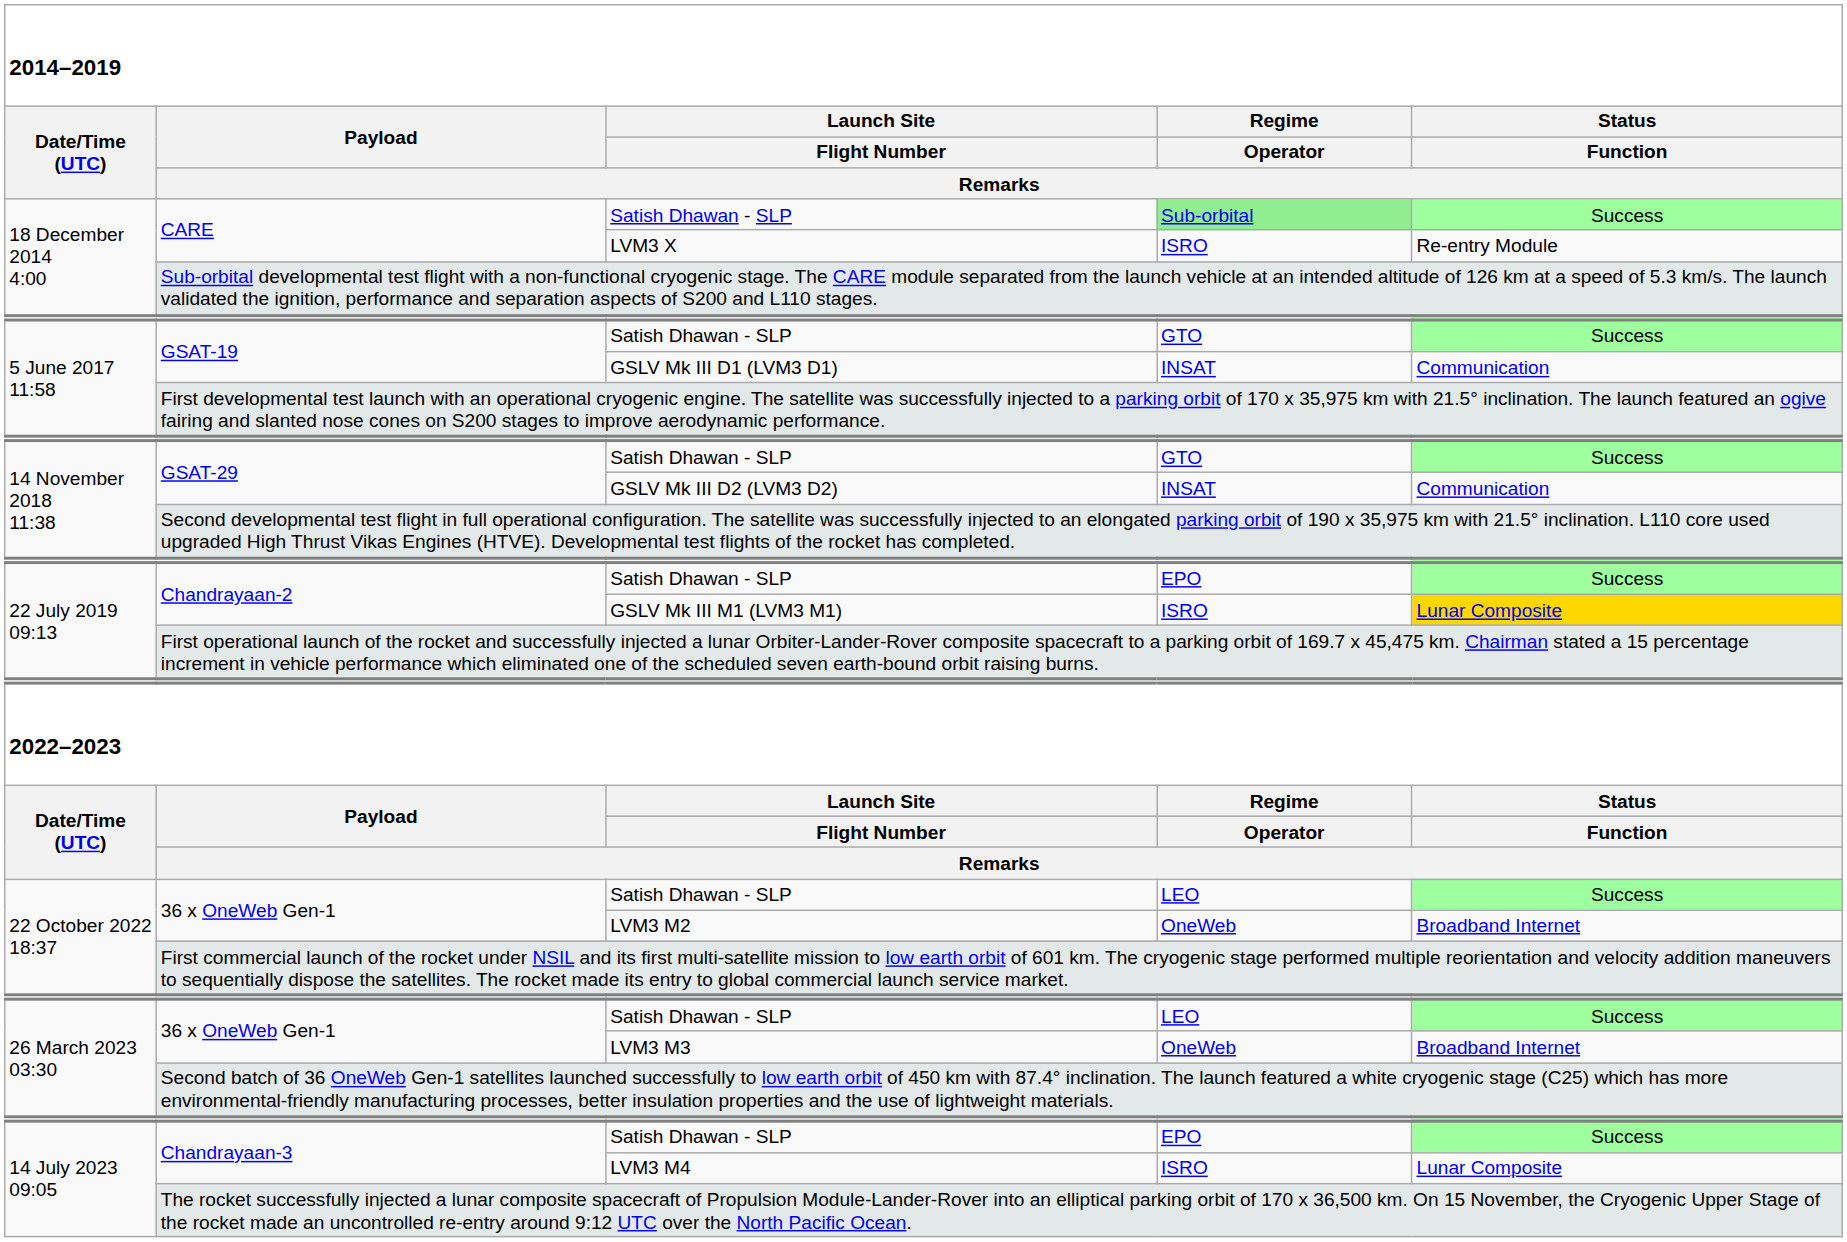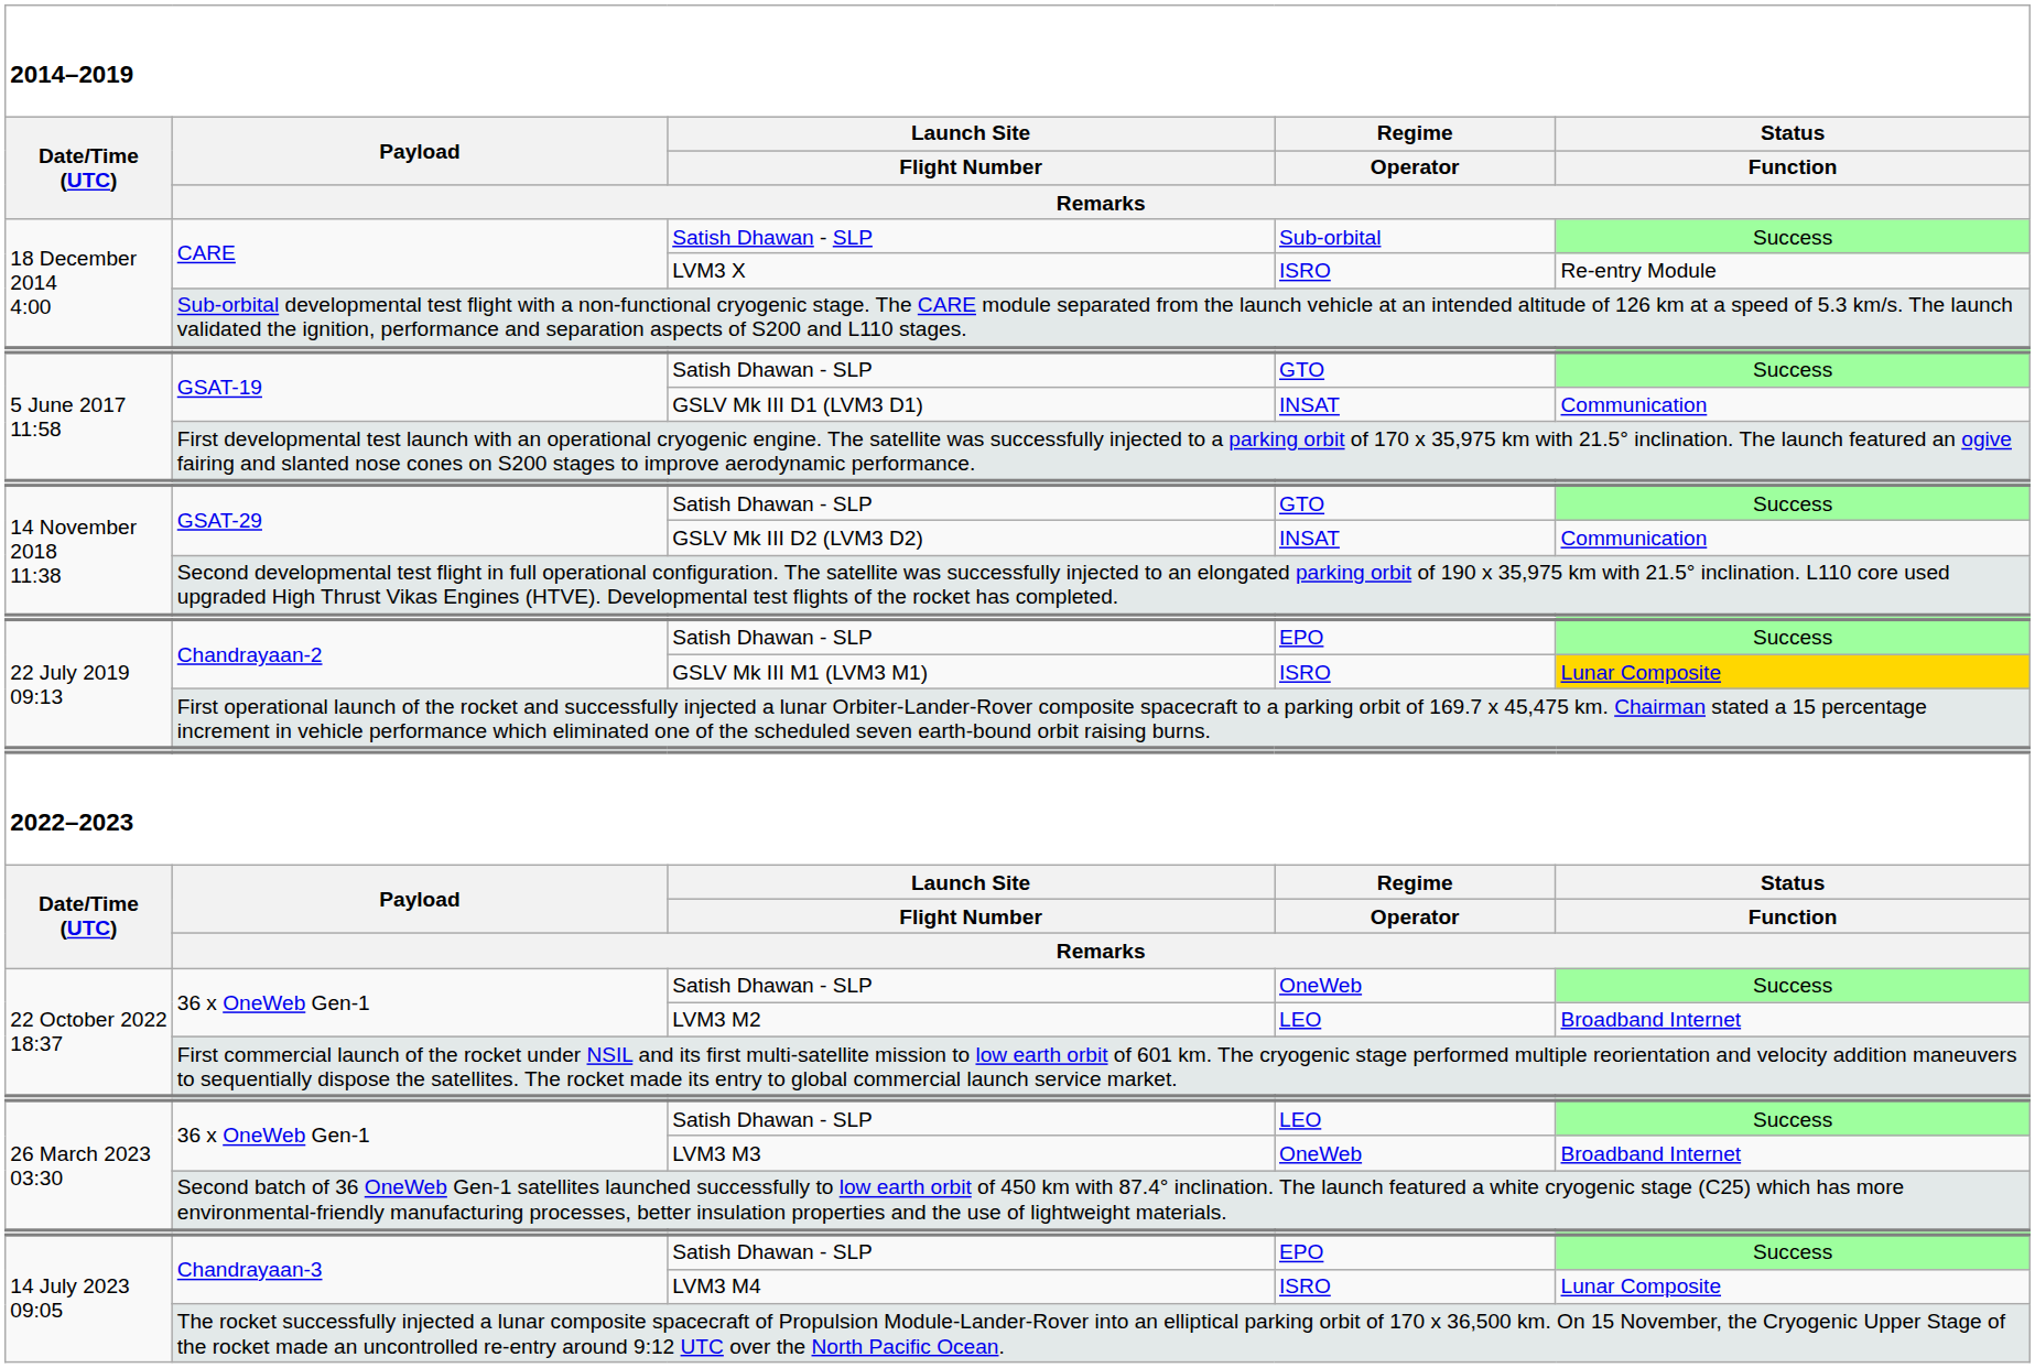 <table class="wikitable" style="font-size:small;">
 <tr>
 <td colspan=5 style="background:white;"><br><h3>2014–2019</h3></td>
 </tr>
 <tr>
 <th rowspan="3">Date/Time<br>(<a href='#'>UTC</a>)<br></th>
 <th rowspan="2">Payload</th>
 <th>Launch Site</th>
 <th>Regime</th>
 <th>Status</th>
 </tr>
 <tr>
 <th>Flight Number</th>
 <th>Operator</th>
 <th>Function</th>
 </tr>
 <tr>
 <th colspan="4">Remarks</th>
 </tr>
 <tr>
 <td rowspan="3">18 December 2014<br>4:00</td>
 <td rowspan="2"> <a href='#'>CARE</a><br></td>
 <td><a href='#'>Satish Dhawan</a> - <a href='#'>SLP</a></td>
-<td style="background: lightgreen;"><a href='#'>Sub-orbital</a></td>
+<td><a href='#'>Sub-orbital</a></td>
 <td style="background: #9EFF9E; vertical-align: middle; text-align: center; " class="table-success">Success</td>
 </tr>
 <tr>
 <td>LVM3 X</td>
 <td><a href='#'>ISRO</a></td>
 <td>Re-entry Module</td>
 </tr>
 <tr style="border-bottom: double 5px grey">
 <td colspan="4" style="background-color:#e3e9e9;"><a href='#'>Sub-orbital</a> developmental test flight with a non-functional cryogenic stage. The <a href='#'>CARE</a> module separated from the launch vehicle at an intended altitude of 126 km at a speed of 5.3 km/s. The launch validated the ignition, performance and separation aspects of S200 and L110 stages.</td>
 </tr>
 <tr>
 <td rowspan="3">5 June 2017<br>11:58</td>
 <td rowspan="2"> <a href='#'>GSAT-19</a><br></td>
 <td>Satish Dhawan - SLP</td>
 <td><a href='#'>GTO</a></td>
 <td style="background: #9EFF9E; vertical-align: middle; text-align: center; " class="table-success">Success</td>
 </tr>
 <tr>
 <td>GSLV Mk III D1 (LVM3 D1)</td>
 <td><a href='#'>INSAT</a></td>
 <td><a href='#'>Communication</a></td>
 </tr>
 <tr style="border-bottom: double 5px grey">
 <td colspan="4" style="background-color:#e3e9e9;">First developmental test launch with an operational cryogenic engine. The satellite was successfully injected to a <a href='#'>parking orbit</a> of 170 x 35,975 km with 21.5° inclination. The launch featured an <a href='#'>ogive</a> fairing and slanted nose cones on S200 stages to improve aerodynamic performance.</td>
 </tr>
 <tr>
 <td rowspan="3">14 November 2018<br>11:38</td>
 <td rowspan="2"> <a href='#'>GSAT-29</a><br></td>
 <td>Satish Dhawan - SLP</td>
 <td><a href='#'>GTO</a></td>
 <td style="background: #9EFF9E; vertical-align: middle; text-align: center; " class="table-success">Success</td>
 </tr>
 <tr>
 <td>GSLV Mk III D2 (LVM3 D2)</td>
 <td><a href='#'>INSAT</a></td>
 <td><a href='#'>Communication</a></td>
 </tr>
 <tr style="border-bottom: double 5px grey">
 <td colspan="4" style="background-color:#e3e9e9;">Second developmental test flight in full operational configuration. The satellite was successfully injected to an elongated <a href='#'>parking orbit</a> of 190 x 35,975 km with 21.5° inclination. L110 core used upgraded High Thrust Vikas Engines (HTVE). Developmental test flights of the rocket has completed.</td>
 </tr>
 <tr>
 <td rowspan="3">22 July 2019<br>09:13</td>
 <td rowspan="2"> <a href='#'>Chandrayaan-2</a><br></td>
 <td>Satish Dhawan - SLP</td>
 <td><a href='#'>EPO</a></td>
 <td style="background: #9EFF9E; vertical-align: middle; text-align: center; " class="table-success">Success</td>
 </tr>
 <tr>
 <td>GSLV Mk III M1 (LVM3 M1)</td>
 <td><a href='#'>ISRO</a></td>
 <td style="background: gold;"><a href='#'>Lunar Composite</a></td>
 </tr>
 <tr style="border-bottom: double 5px grey">
 <td colspan="4" style="background-color:#e3e9e9;">First operational launch of the rocket and successfully injected a lunar Orbiter-Lander-Rover composite spacecraft to a parking orbit of 169.7 x 45,475 km. <a href='#'>Chairman</a> stated a 15 percentage increment in vehicle performance which eliminated one of the scheduled seven earth-bound orbit raising burns.</td>
 </tr>
 <tr>
 <td colspan=5 style="background:white;"><br><h3>2022–2023</h3></td>
 </tr>
 <tr>
 <th rowspan="3">Date/Time<br>(<a href='#'>UTC</a>)<br></th>
 <th rowspan="2">Payload</th>
 <th>Launch Site</th>
 <th>Regime</th>
 <th>Status</th>
 </tr>
 <tr>
 <th>Flight Number</th>
 <th>Operator</th>
 <th>Function</th>
 </tr>
 <tr>
 <th colspan="4">Remarks</th>
 </tr>
 <tr>
 <td rowspan="3">22 October 2022<br>18:37</td>
 <td rowspan="2"> 36 x <a href='#'>OneWeb</a> Gen-1<br></td>
 <td>Satish Dhawan - SLP</td>
-<td><a href='#'>LEO</a></td>
+<td><a href='#'>OneWeb</a></td>
 <td style="background: #9EFF9E; vertical-align: middle; text-align: center; " class="table-success">Success</td>
 </tr>
 <tr>
 <td>LVM3 M2</td>
-<td><a href='#'>OneWeb</a></td>
+<td><a href='#'>LEO</a></td>
 <td><a href='#'>Broadband Internet</a></td>
 </tr>
 <tr style="border-bottom: double 5px grey">
 <td colspan="4" style="background-color:#e3e9e9;">First commercial launch of the rocket under <a href='#'>NSIL</a> and its first multi-satellite mission to <a href='#'>low earth orbit</a> of 601 km. The cryogenic stage performed multiple reorientation and velocity addition maneuvers to sequentially dispose the satellites. The rocket made its entry to global commercial launch service market.</td>
 </tr>
 <tr>
 <td rowspan="3">26 March 2023<br>03:30</td>
 <td rowspan="2"> 36 x <a href='#'>OneWeb</a> Gen-1<br></td>
 <td>Satish Dhawan - SLP</td>
 <td><a href='#'>LEO</a></td>
 <td style="background: #9EFF9E; vertical-align: middle; text-align: center; " class="table-success">Success</td>
 </tr>
 <tr>
 <td>LVM3 M3</td>
 <td><a href='#'>OneWeb</a></td>
 <td><a href='#'>Broadband Internet</a></td>
 </tr>
 <tr style="border-bottom: double 5px grey">
 <td colspan="4" style="background-color:#e3e9e9;">Second batch of 36 <a href='#'>OneWeb</a> Gen-1 satellites launched successfully to <a href='#'>low earth orbit</a> of 450 km with 87.4° inclination. The launch featured a white cryogenic stage (C25) which has more environmental-friendly manufacturing processes, better insulation properties and the use of lightweight materials.</td>
 </tr>
 <tr>
 <td rowspan="3">14 July 2023<br>09:05</td>
 <td rowspan="2"> <a href='#'>Chandrayaan-3</a><br></td>
 <td>Satish Dhawan - SLP</td>
 <td><a href='#'>EPO</a></td>
 <td style="background: #9EFF9E; vertical-align: middle; text-align: center; " class="table-success">Success</td>
 </tr>
 <tr>
 <td>LVM3 M4</td>
 <td><a href='#'>ISRO</a></td>
 <td><a href='#'>Lunar Composite</a></td>
 </tr>
 <tr>
 <td colspan="4" style="background-color:#e3e9e9;">The rocket successfully injected a lunar composite spacecraft of Propulsion Module-Lander-Rover into an elliptical parking orbit of 170 x 36,500 km. On 15 November, the Cryogenic Upper Stage of the rocket made an uncontrolled re-entry around 9:12 <a href='#'>UTC</a> over the <a href='#'>North Pacific Ocean</a>.</td>
 </tr>
 </table>
